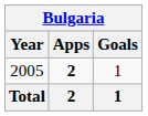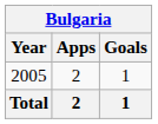 <table class="wikitable" style="text-align:center">
 <tr>
 <th colspan=3><a href='#'>Bulgaria</a></th>
 </tr>
 <tr>
 <th>Year</th>
 <th>Apps</th>
 <th>Goals</th>
 </tr>
 <tr>
 <td>2005</td>
-<td><strong>2</strong></td>
+<td>2</td>
 <td>1</td>
 </tr>
 <tr>
 <th>Total</th>
 <th>2</th>
 <th>1</th>
 </tr>
 </table>
